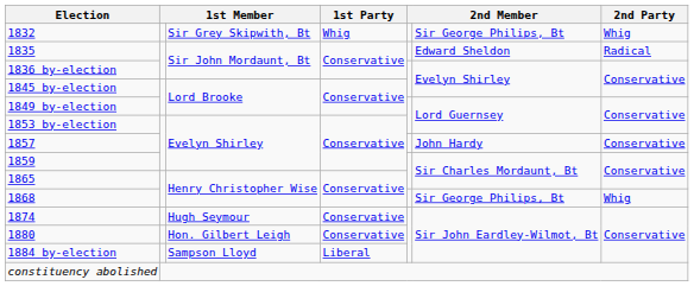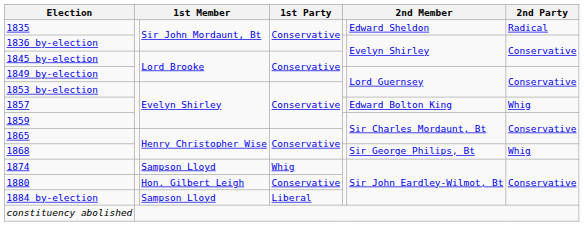 <table class="wikitable">
 <tr>
 <th>Election</th>
 <th colspan="2">1st Member</th>
 <th>1st Party</th>
 <th colspan="2">2nd Member</th>
 <th>2nd Party</th>
-</tr>
-<tr>
-<td><a href='#'>1832</a></td>
-<td style="color:inherit;background-color: "></td>
-<td><a href='#'>Sir Grey Skipwith, Bt</a></td>
-<td><a href='#'>Whig</a></td>
-<td style="color:inherit;background-color: "></td>
-<td><a href='#'>Sir George Philips, Bt</a></td>
-<td><a href='#'>Whig</a></td>
 </tr>
 <tr>
 <td><a href='#'>1835</a></td>
 <td rowspan="2" style="color:inherit;background-color: "></td>
 <td rowspan="2"><a href='#'>Sir John Mordaunt, Bt</a></td>
 <td rowspan="2"><a href='#'>Conservative</a></td>
 <td style="color:inherit;background-color: "></td>
 <td><a href='#'>Edward Sheldon</a></td>
 <td><a href='#'>Radical</a></td>
 </tr>
 <tr>
 <td><a href='#'>1836 by-election</a></td>
 <td rowspan="2" style="color:inherit;background-color: "></td>
 <td rowspan="2"><a href='#'>Evelyn Shirley</a></td>
 <td rowspan="2"><a href='#'>Conservative</a></td>
 </tr>
 <tr>
 <td><a href='#'>1845 by-election</a></td>
 <td rowspan="2" style="color:inherit;background-color: "></td>
 <td rowspan="2"><a href='#'>Lord Brooke</a></td>
 <td rowspan="2"><a href='#'>Conservative</a></td>
 </tr>
 <tr>
 <td><a href='#'>1849 by-election</a></td>
 <td rowspan="2" style="color:inherit;background-color: "></td>
 <td rowspan="2"><a href='#'>Lord Guernsey</a></td>
 <td rowspan="2"><a href='#'>Conservative</a></td>
 </tr>
 <tr>
 <td><a href='#'>1853 by-election</a></td>
 <td rowspan="3" style="color:inherit;background-color: "></td>
 <td rowspan="3"><a href='#'>Evelyn Shirley</a></td>
 <td rowspan="3"><a href='#'>Conservative</a></td>
 </tr>
 <tr>
 <td><a href='#'>1857</a></td>
 <td style="color:inherit;background-color: "></td>
-<td><a href='#'>John Hardy</a></td>
-<td><a href='#'>Conservative</a></td>
+<td><a href='#'>Edward Bolton King</a></td>
+<td><a href='#'>Whig</a></td>
 </tr>
 <tr>
 <td><a href='#'>1859</a></td>
 <td rowspan="2" style="color:inherit;background-color: "></td>
 <td rowspan="2"><a href='#'>Sir Charles Mordaunt, Bt</a></td>
 <td rowspan="2"><a href='#'>Conservative</a></td>
 </tr>
 <tr>
 <td><a href='#'>1865</a></td>
 <td rowspan="2" style="color:inherit;background-color: "></td>
 <td rowspan="2"><a href='#'>Henry Christopher Wise</a></td>
 <td rowspan="2"><a href='#'>Conservative</a></td>
 </tr>
 <tr>
 <td><a href='#'>1868</a></td>
 <td style="color:inherit;background-color: "></td>
 <td><a href='#'>Sir George Philips, Bt</a></td>
 <td><a href='#'>Whig</a></td>
 </tr>
 <tr>
 <td><a href='#'>1874</a></td>
 <td style="color:inherit;background-color: "></td>
-<td><a href='#'>Hugh Seymour</a></td>
-<td><a href='#'>Conservative</a></td>
+<td><a href='#'>Sampson Lloyd</a></td>
+<td><a href='#'>Whig</a></td>
 <td rowspan="3" style="color:inherit;background-color: "></td>
 <td rowspan="3"><a href='#'>Sir John Eardley-Wilmot, Bt</a></td>
 <td rowspan="3"><a href='#'>Conservative</a></td>
 </tr>
 <tr>
 <td><a href='#'>1880</a></td>
 <td style="color:inherit;background-color: "></td>
 <td><a href='#'>Hon. Gilbert Leigh</a></td>
 <td><a href='#'>Conservative</a></td>
 </tr>
 <tr>
 <td><a href='#'>1884 by-election</a></td>
 <td style="color:inherit;background-color: "></td>
 <td><a href='#'>Sampson Lloyd</a></td>
 <td><a href='#'>Liberal</a></td>
 </tr>
 <tr>
 <td><em>constituency abolished</em></td>
 </tr>
 </table>
